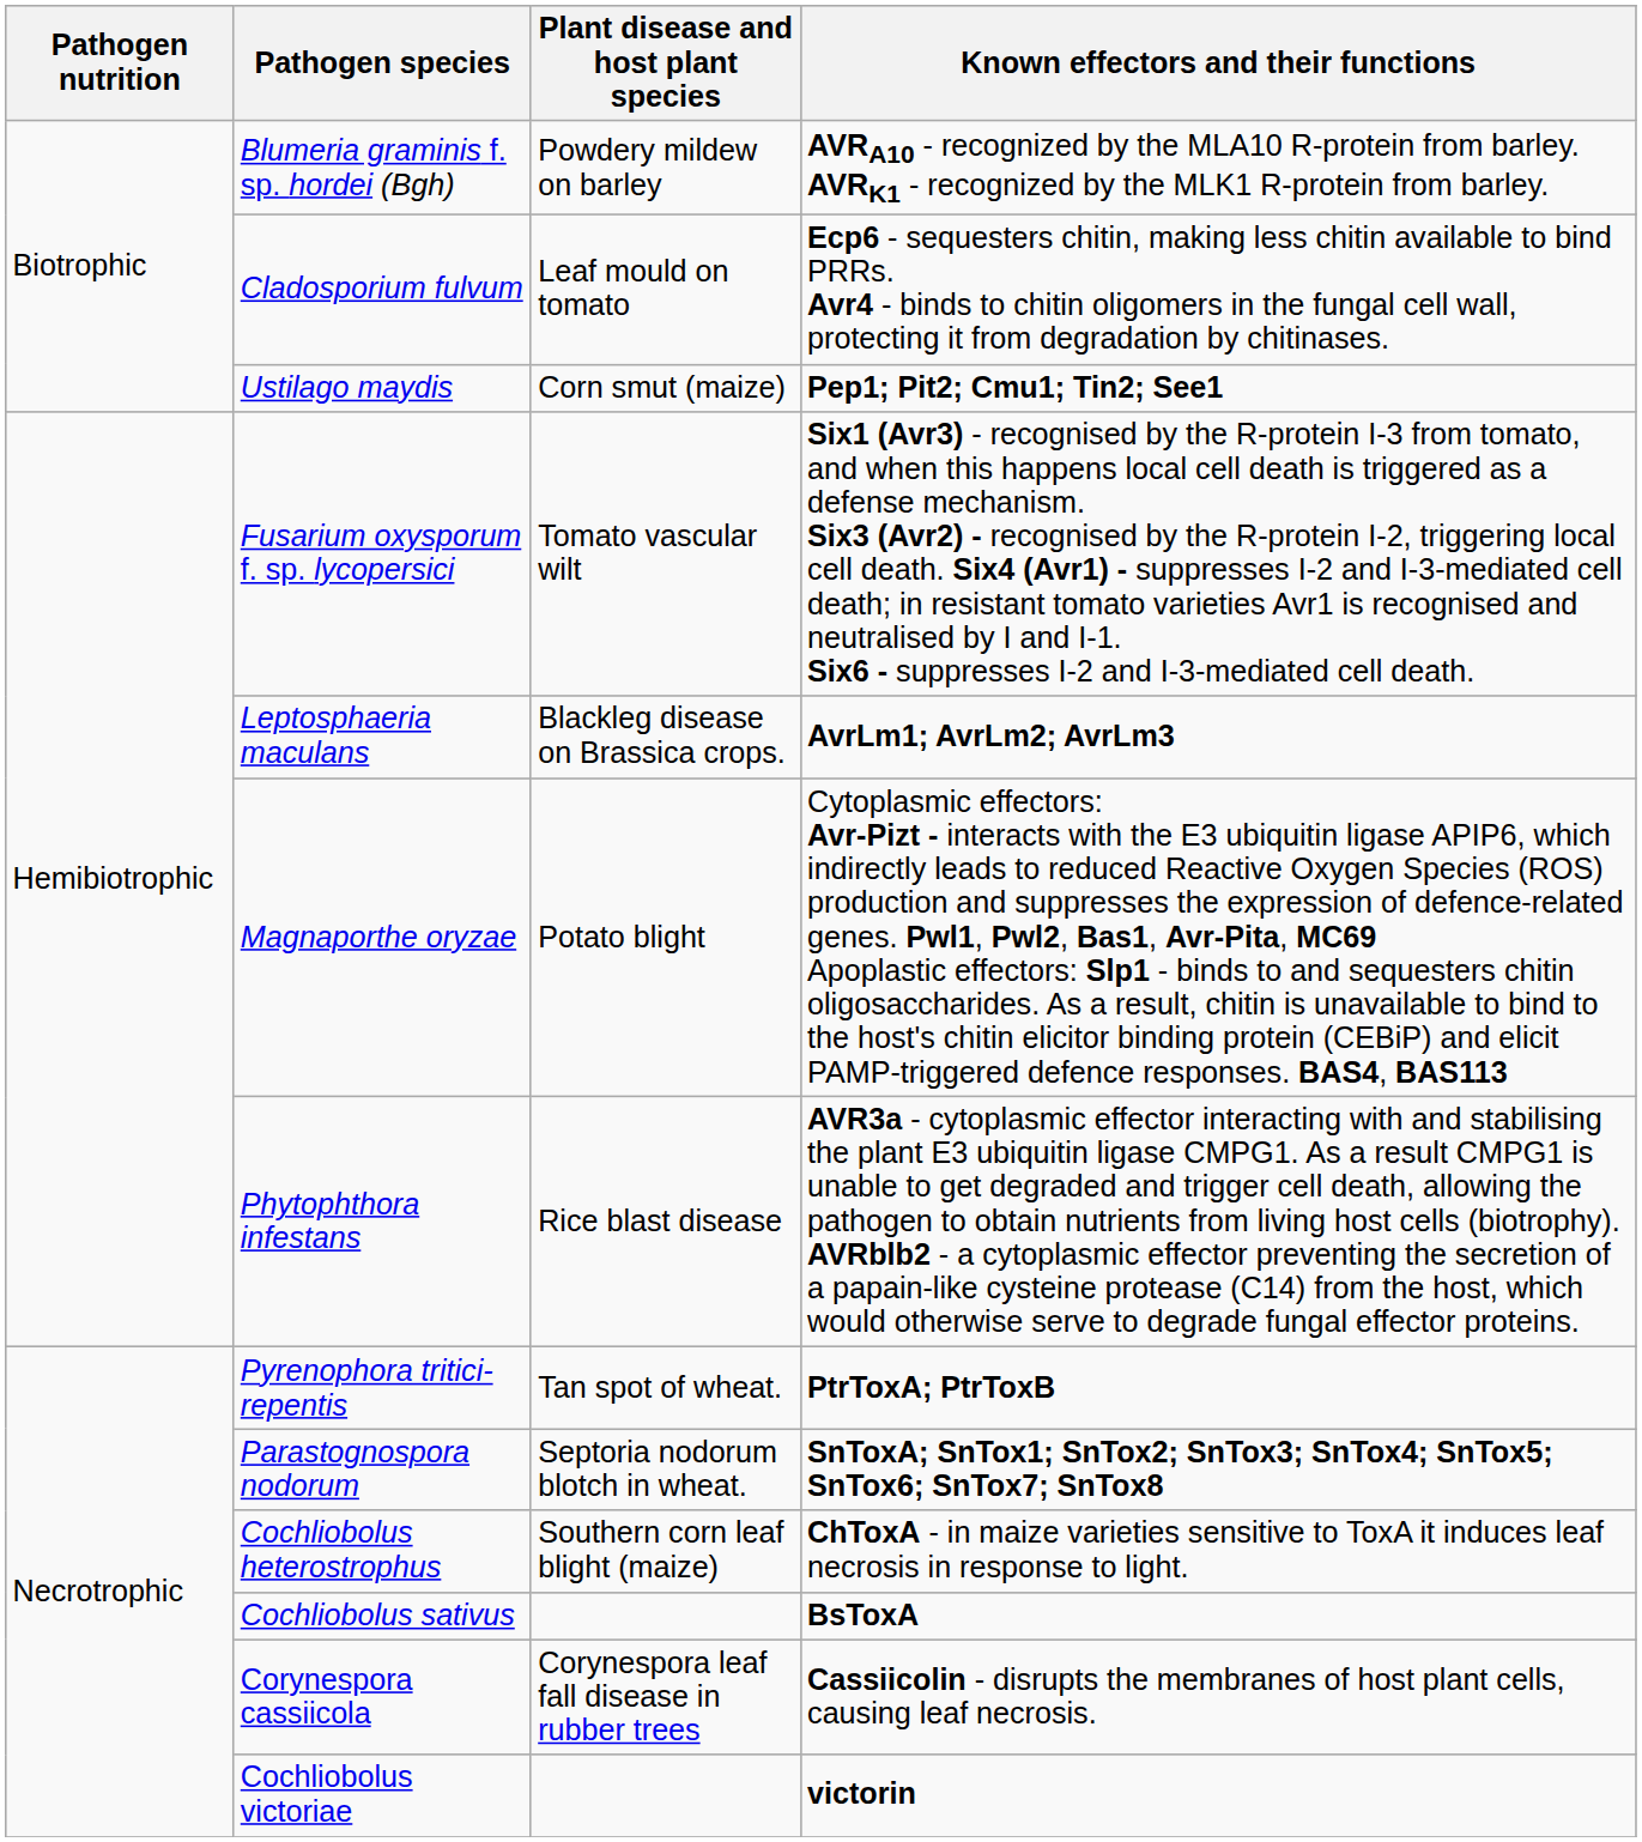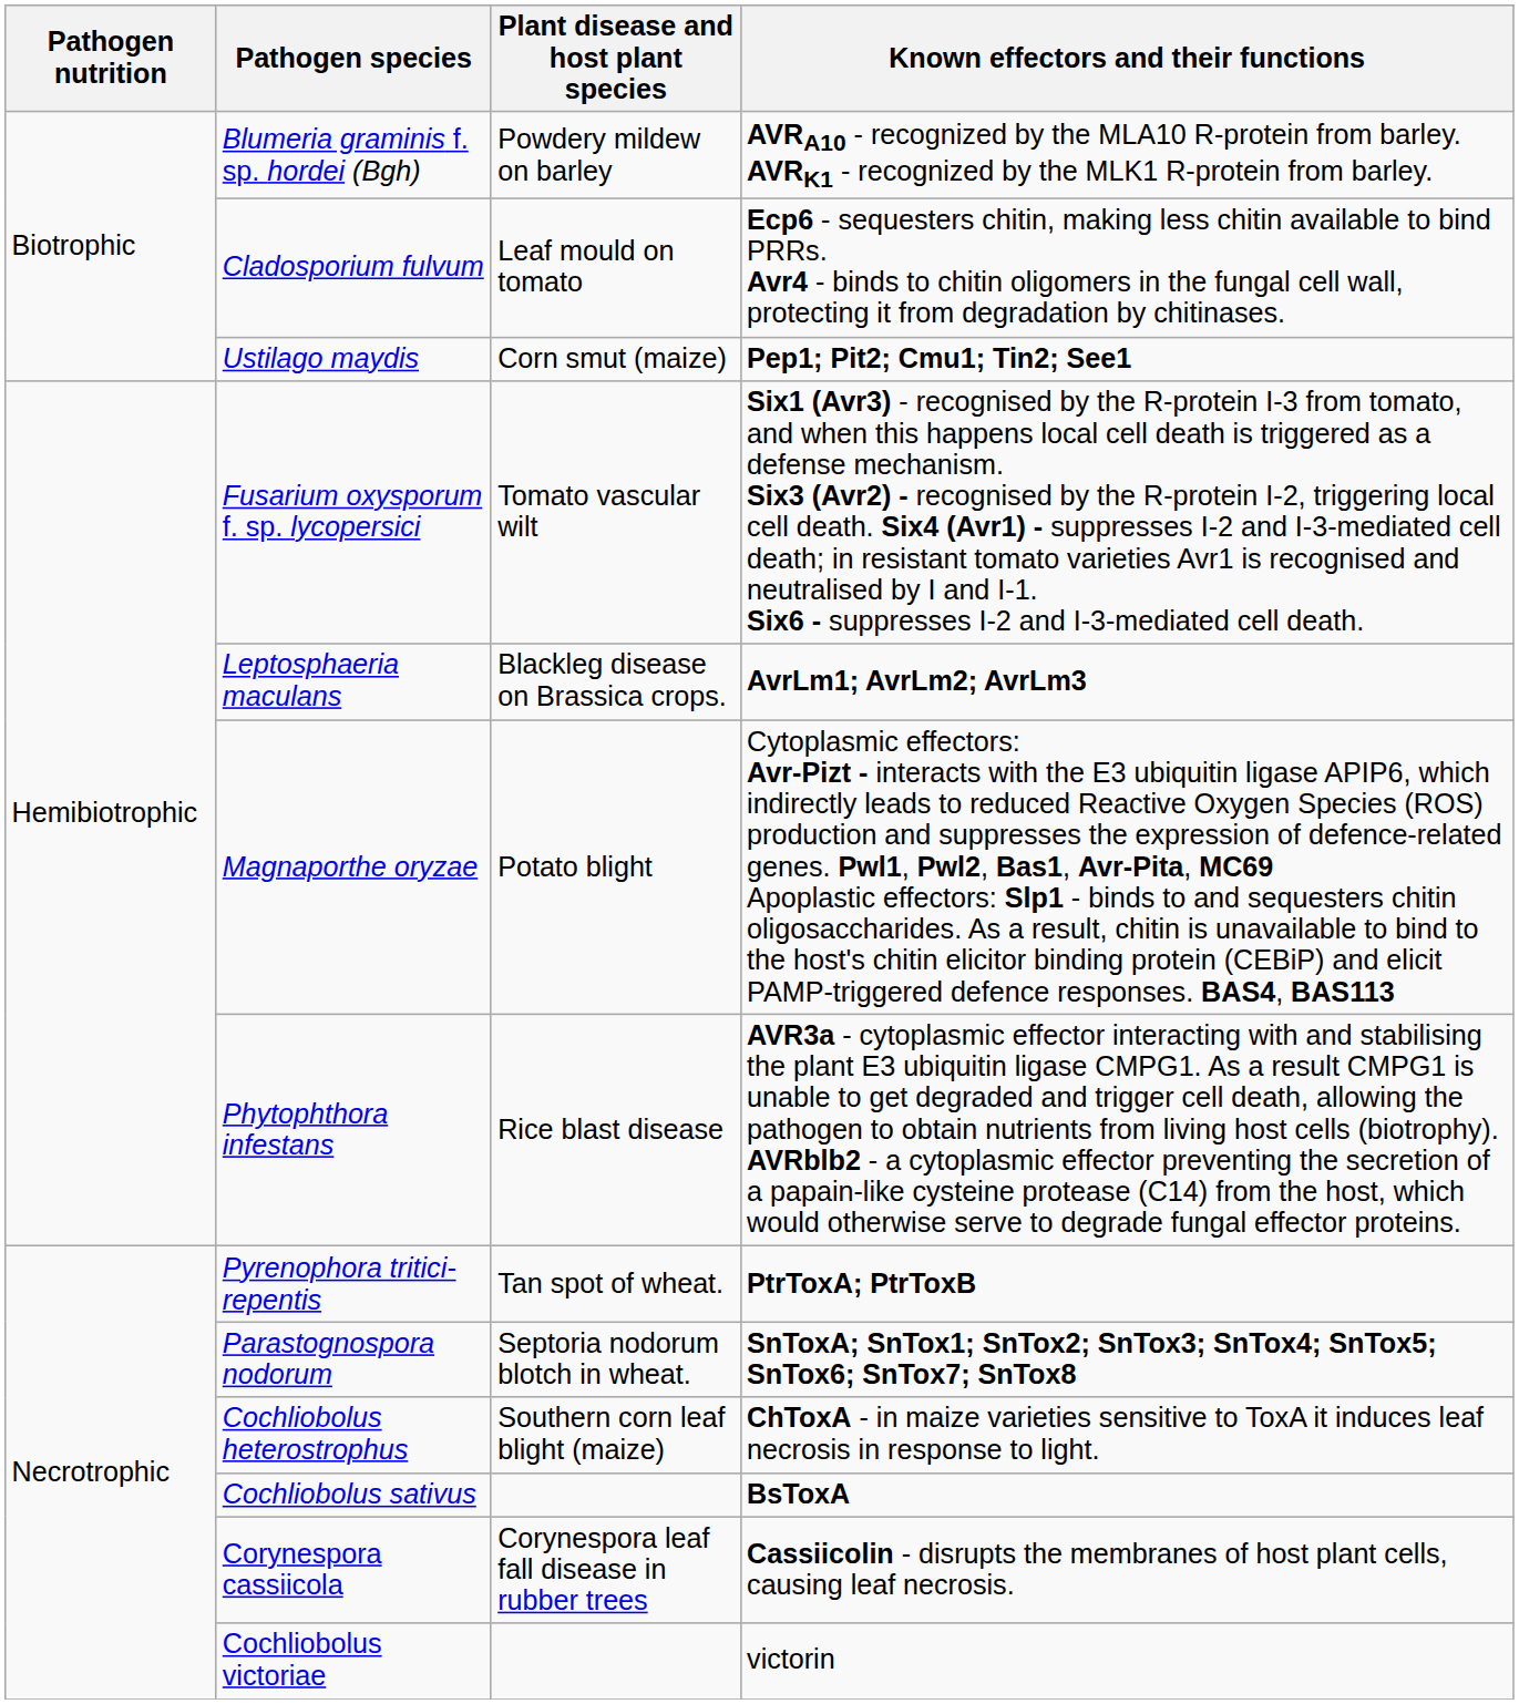 <table class="wikitable">
 <tr>
 <th>Pathogen nutrition</th>
 <th>Pathogen species</th>
 <th>Plant disease and host plant species</th>
 <th>Known effectors and their functions</th>
 </tr>
 <tr>
 <td rowspan="3">Biotrophic</td>
 <td><a href='#'><em>Blumeria graminis</em> f. sp. <em>hordei</em></a> <em>(Bgh)</em></td>
 <td>Powdery mildew on barley</td>
 <td><strong>AVR<sub>A10</sub></strong> - recognized by the MLA10 R-protein from barley.<br><strong>AVR<sub>K1</sub></strong> - recognized by the MLK1 R-protein from barley.</td>
 </tr>
 <tr>
 <td><em><a href='#'>Cladosporium fulvum</a></em></td>
 <td>Leaf mould on tomato</td>
 <td><strong>Ecp6</strong> - sequesters chitin, making less chitin available to bind PRRs.<br><strong>Avr4</strong> - binds to chitin oligomers in the fungal cell wall, protecting it from degradation by chitinases.</td>
 </tr>
 <tr>
 <td><em><a href='#'>Ustilago maydis</a></em></td>
 <td>Corn smut (maize)</td>
 <td><strong>Pep1; Pit2; Cmu1; Tin2; See1</strong></td>
 </tr>
 <tr>
 <td rowspan="4">Hemibiotrophic</td>
 <td><a href='#'><em>Fusarium oxysporum</em> f. sp. <em>lycopersici</em></a></td>
 <td>Tomato vascular wilt</td>
 <td><strong>Six1 (Avr3)</strong> - recognised by the R-protein I-3 from tomato, and when this happens local cell death is triggered as a defense mechanism.<br><strong>Six3 (Avr2) -</strong> recognised by the R-protein I-2, triggering local cell death. <strong>Six4 (Avr1) -</strong> suppresses I-2 and I-3-mediated cell death; in resistant tomato varieties Avr1 is recognised and neutralised by I and I-1.<br><strong>Six6 -</strong> suppresses I-2 and I-3-mediated cell death.</td>
 </tr>
 <tr>
 <td><em><a href='#'>Leptosphaeria maculans</a></em></td>
 <td>Blackleg disease on Brassica crops.</td>
 <td><strong>AvrLm1; AvrLm2; AvrLm3</strong></td>
 </tr>
 <tr>
 <td><em><a href='#'>Magnaporthe oryzae</a></em></td>
 <td>Potato blight</td>
 <td>Cytoplasmic effectors:<br><strong>Avr-Pizt -</strong> interacts with the E3 ubiquitin ligase APIP6, which indirectly leads to reduced Reactive Oxygen Species (ROS) production and suppresses the expression of defence-related genes. <strong>Pwl1</strong>, <strong>Pwl2</strong>, <strong>Bas1</strong>, <strong>Avr-Pita</strong>, <strong>MC69</strong><br>Apoplastic effectors:  <strong>Slp1</strong> - binds to and sequesters chitin oligosaccharides. As a result, chitin is unavailable to bind to the host's chitin elicitor binding protein (CEBiP) and elicit PAMP-triggered defence responses. <strong>BAS4</strong>, <strong>BAS113</strong></td>
 </tr>
 <tr>
 <td><em><a href='#'>Phytophthora infestans</a></em></td>
 <td>Rice blast disease</td>
 <td><strong>AVR3a</strong> - cytoplasmic effector interacting with and stabilising the plant E3 ubiquitin ligase CMPG1. As a result CMPG1 is unable to get degraded and trigger cell death, allowing the pathogen to obtain nutrients from living host cells (biotrophy).<br><strong>AVRblb2</strong> - a cytoplasmic effector preventing the secretion of a papain-like cysteine protease (C14) from the host, which would otherwise serve to degrade fungal effector proteins.</td>
 </tr>
 <tr>
 <td rowspan="6">Necrotrophic</td>
 <td><em><a href='#'>Pyrenophora tritici-repentis</a></em></td>
 <td>Tan spot of wheat.</td>
 <td><strong>PtrToxA; PtrToxB</strong></td>
 </tr>
 <tr>
 <td><em><a href='#'>Parastognospora nodorum</a></em></td>
 <td>Septoria nodorum blotch in wheat.</td>
 <td><strong>SnToxA; SnTox1; SnTox2; SnTox3; SnTox4; SnTox5; SnTox6; SnTox7; SnTox8</strong></td>
 </tr>
 <tr>
 <td><em><a href='#'>Cochliobolus heterostrophus</a></em></td>
 <td>Southern corn leaf blight (maize)</td>
 <td><strong>ChToxA</strong> - in maize varieties sensitive to ToxA it induces leaf necrosis in response to light.</td>
 </tr>
 <tr>
 <td><em><a href='#'>Cochliobolus sativus</a></em></td>
 <td></td>
 <td><strong>BsToxA</strong></td>
 </tr>
 <tr>
 <td><a href='#'>Corynespora cassiicola</a></td>
 <td>Corynespora leaf fall disease in <a href='#'>rubber trees</a></td>
 <td><strong>Cassiicolin</strong> - disrupts the membranes of host plant cells, causing leaf necrosis.</td>
 </tr>
 <tr>
 <td><a href='#'>Cochliobolus victoriae</a></td>
 <td></td>
-<td><strong>victorin</strong></td>
+<td>victorin</td>
 </tr>
 </table>
